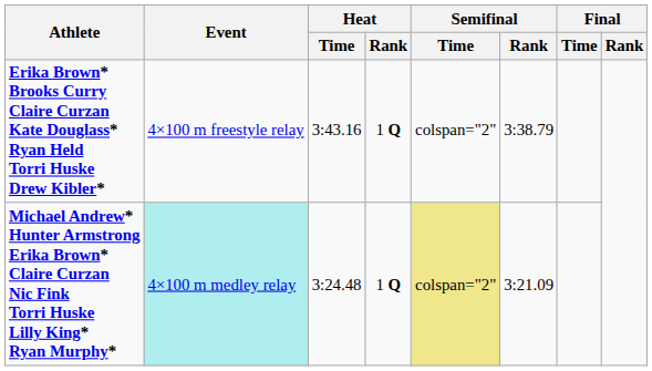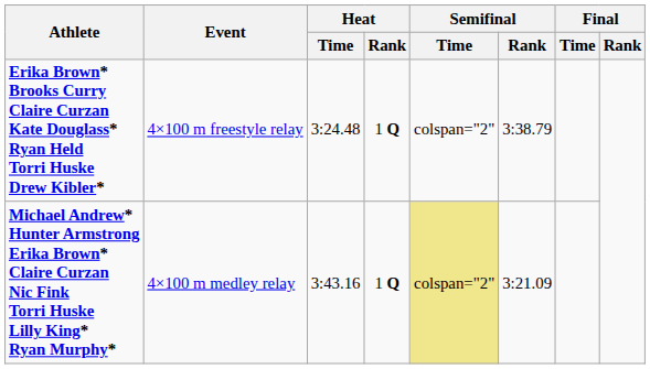 <table class="wikitable" style="font-size:90%;">
 <tr>
 <th rowspan="2">Athlete</th>
 <th rowspan="2">Event</th>
 <th colspan="2">Heat</th>
 <th colspan="2">Semifinal</th>
 <th colspan="2">Final</th>
 </tr>
 <tr>
 <th>Time</th>
 <th>Rank</th>
 <th>Time</th>
 <th>Rank</th>
 <th>Time</th>
 <th>Rank</th>
 </tr>
 <tr align="center">
 <td align="left"><strong><a href='#'>Erika Brown</a>*<br><a href='#'>Brooks Curry</a><br><a href='#'>Claire Curzan</a><br><a href='#'>Kate Douglass</a>*<br><a href='#'>Ryan Held</a><br><a href='#'>Torri Huske</a><br><a href='#'>Drew Kibler</a>*</strong></td>
 <td align="left"><a href='#'>4×100 m freestyle relay</a></td>
-<td>3:43.16</td>
+<td>3:24.48</td>
 <td>1 <strong>Q</strong></td>
 <td>colspan="2" </td>
 <td>3:38.79</td>
 <td></td>
 </tr>
 <tr align="center">
 <td align="left"><strong><a href='#'>Michael Andrew</a>*<br><a href='#'>Hunter Armstrong</a><br><a href='#'>Erika Brown</a>*<br><a href='#'>Claire Curzan</a><br><a href='#'>Nic Fink</a><br><a href='#'>Torri Huske</a><br><a href='#'>Lilly King</a>*<br><a href='#'>Ryan Murphy</a>*</strong></td>
-<td align="left" style="background: paleturquoise;"><a href='#'>4×100 m medley relay</a></td>
-<td>3:24.48</td>
+<td align="left"><a href='#'>4×100 m medley relay</a></td>
+<td>3:43.16</td>
 <td>1 <strong>Q</strong></td>
 <td style="background: khaki;">colspan="2" </td>
 <td>3:21.09</td>
 <td></td>
 </tr>
 </table>
